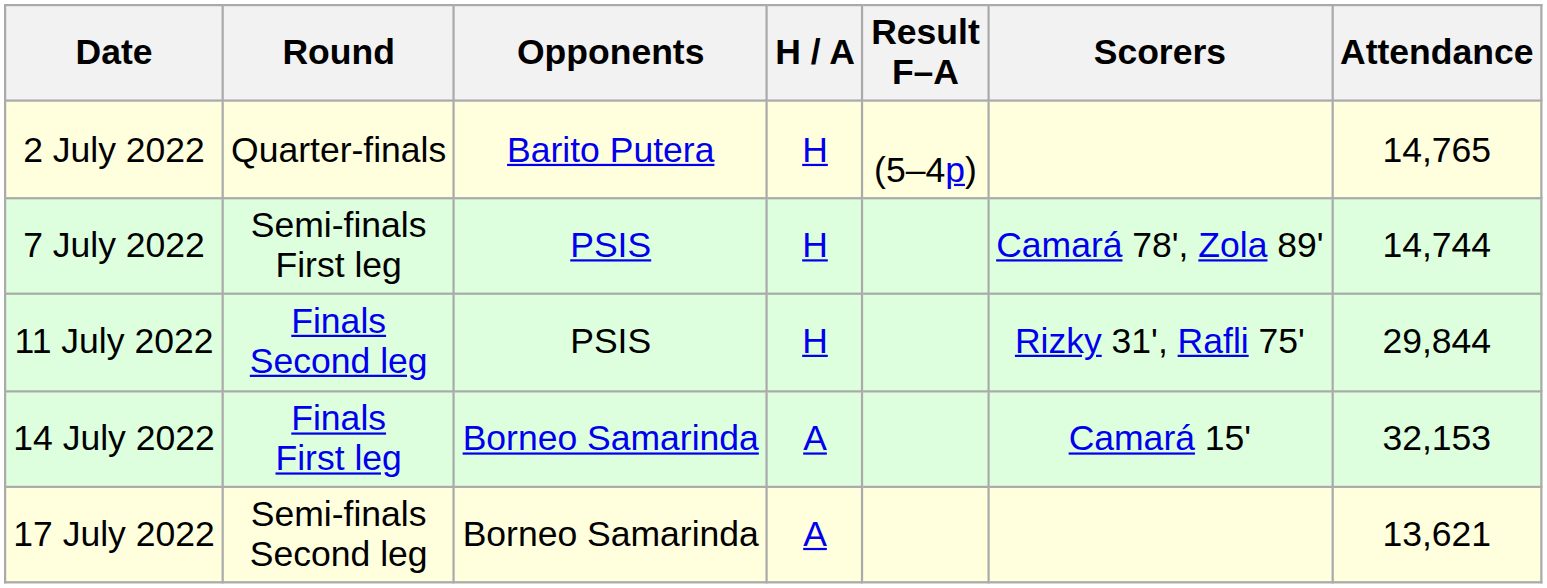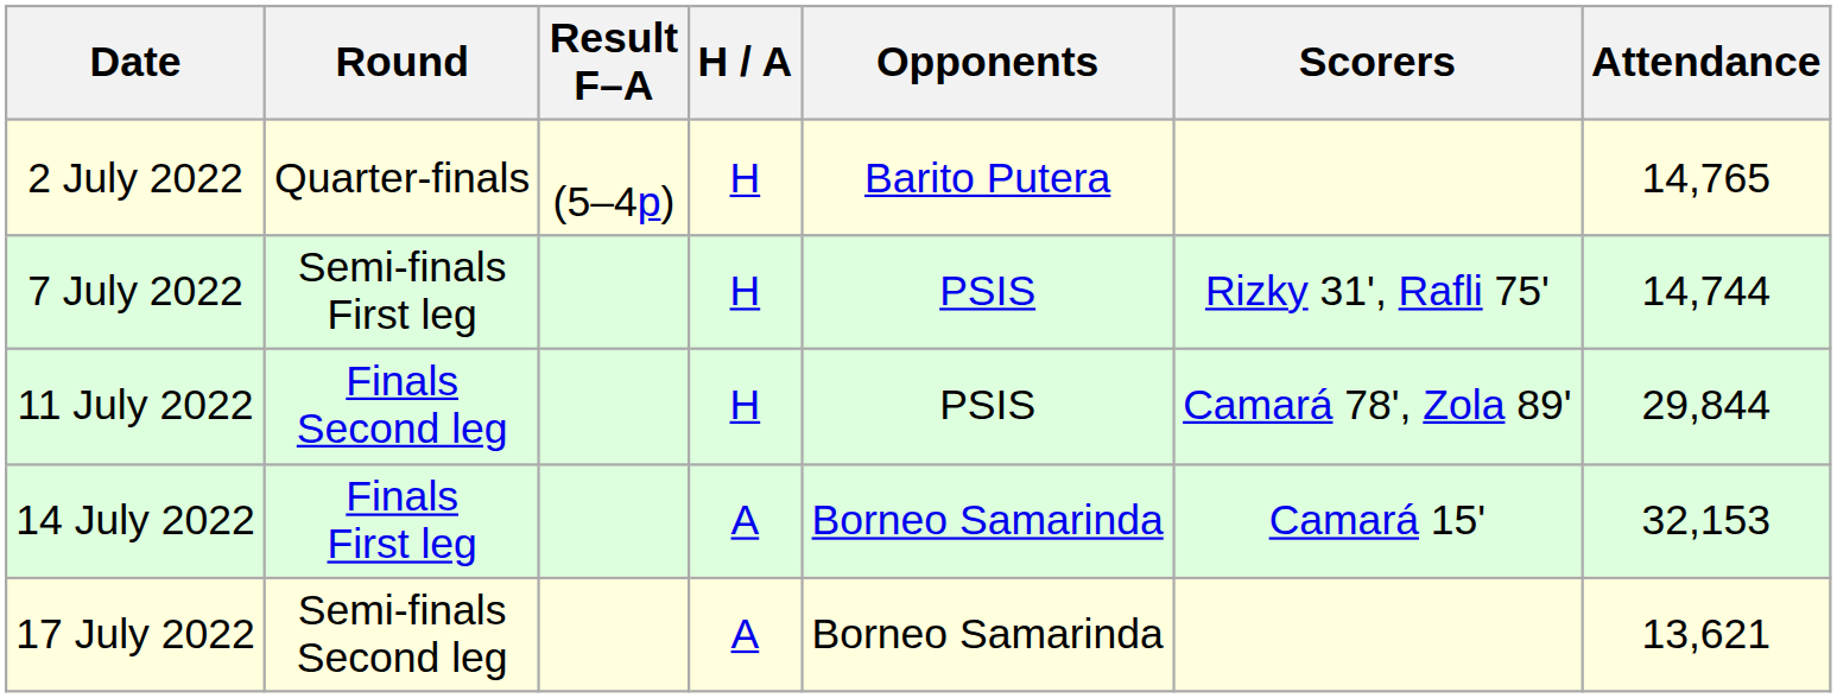 <table class="wikitable" style="text-align:center">
 <tr>
 <th>Date</th>
 <th>Round</th>
+<th>Result<br>F–A</th>
+<th>H / A</th>
 <th>Opponents</th>
-<th>H / A</th>
-<th>Result<br>F–A</th>
 <th>Scorers</th>
 <th>Attendance</th>
 </tr>
 <tr style="background:#ffffdd">
 <td>2 July 2022</td>
 <td>Quarter-finals</td>
+<td><br>(5–4<a href='#'>p</a>)</td>
+<td><a href='#'>H</a></td>
 <td><a href='#'>Barito Putera</a></td>
-<td><a href='#'>H</a></td>
-<td><br>(5–4<a href='#'>p</a>)</td>
 <td></td>
 <td>14,765</td>
 </tr>
 <tr style="background:#ddffdd">
 <td>7 July 2022</td>
 <td>Semi-finals<br>First leg</td>
+<td></td>
+<td><a href='#'>H</a></td>
 <td><a href='#'>PSIS</a></td>
-<td><a href='#'>H</a></td>
-<td></td>
-<td><a href='#'>Camará</a> 78', <a href='#'>Zola</a> 89'</td>
+<td><a href='#'>Rizky</a> 31', <a href='#'>Rafli</a> 75'</td>
 <td>14,744</td>
 </tr>
 <tr style="background:#ddffdd">
 <td>11 July 2022</td>
 <td><a href='#'>Finals<br>Second leg</a></td>
+<td></td>
+<td><a href='#'>H</a></td>
 <td>PSIS</td>
-<td><a href='#'>H</a></td>
-<td></td>
-<td><a href='#'>Rizky</a> 31', <a href='#'>Rafli</a> 75'</td>
+<td><a href='#'>Camará</a> 78', <a href='#'>Zola</a> 89'</td>
 <td>29,844</td>
 </tr>
 <tr style="background:#ddffdd">
 <td>14 July 2022</td>
 <td><a href='#'>Finals<br>First leg</a></td>
+<td></td>
+<td><a href='#'>A</a></td>
 <td><a href='#'>Borneo Samarinda</a></td>
-<td><a href='#'>A</a></td>
-<td></td>
 <td><a href='#'>Camará</a> 15'</td>
 <td>32,153</td>
 </tr>
 <tr style="background:#ffffdd">
 <td>17 July 2022</td>
 <td>Semi-finals<br>Second leg</td>
+<td></td>
+<td><a href='#'>A</a></td>
 <td>Borneo Samarinda</td>
-<td><a href='#'>A</a></td>
-<td></td>
 <td></td>
 <td>13,621</td>
 </tr>
 </table>
